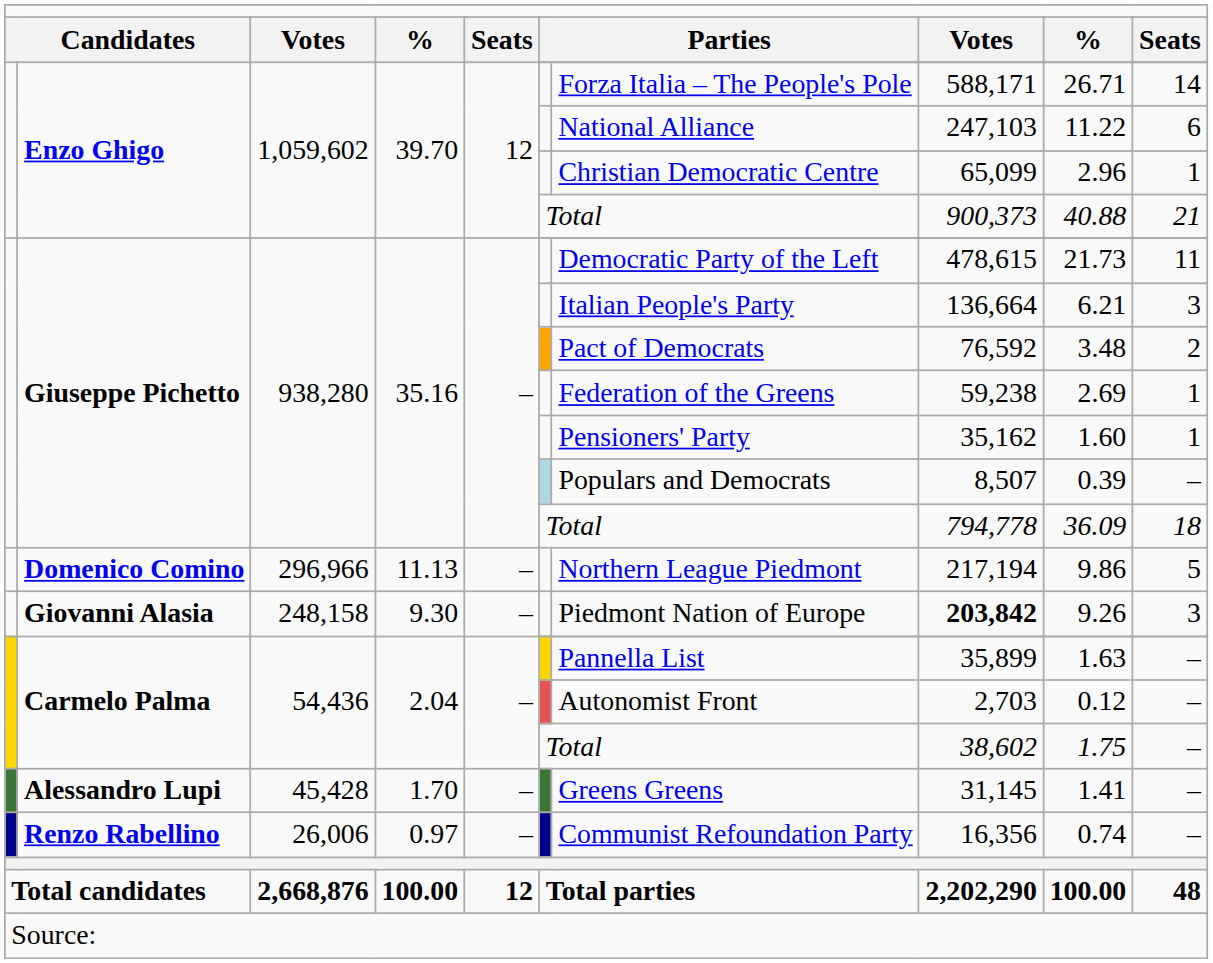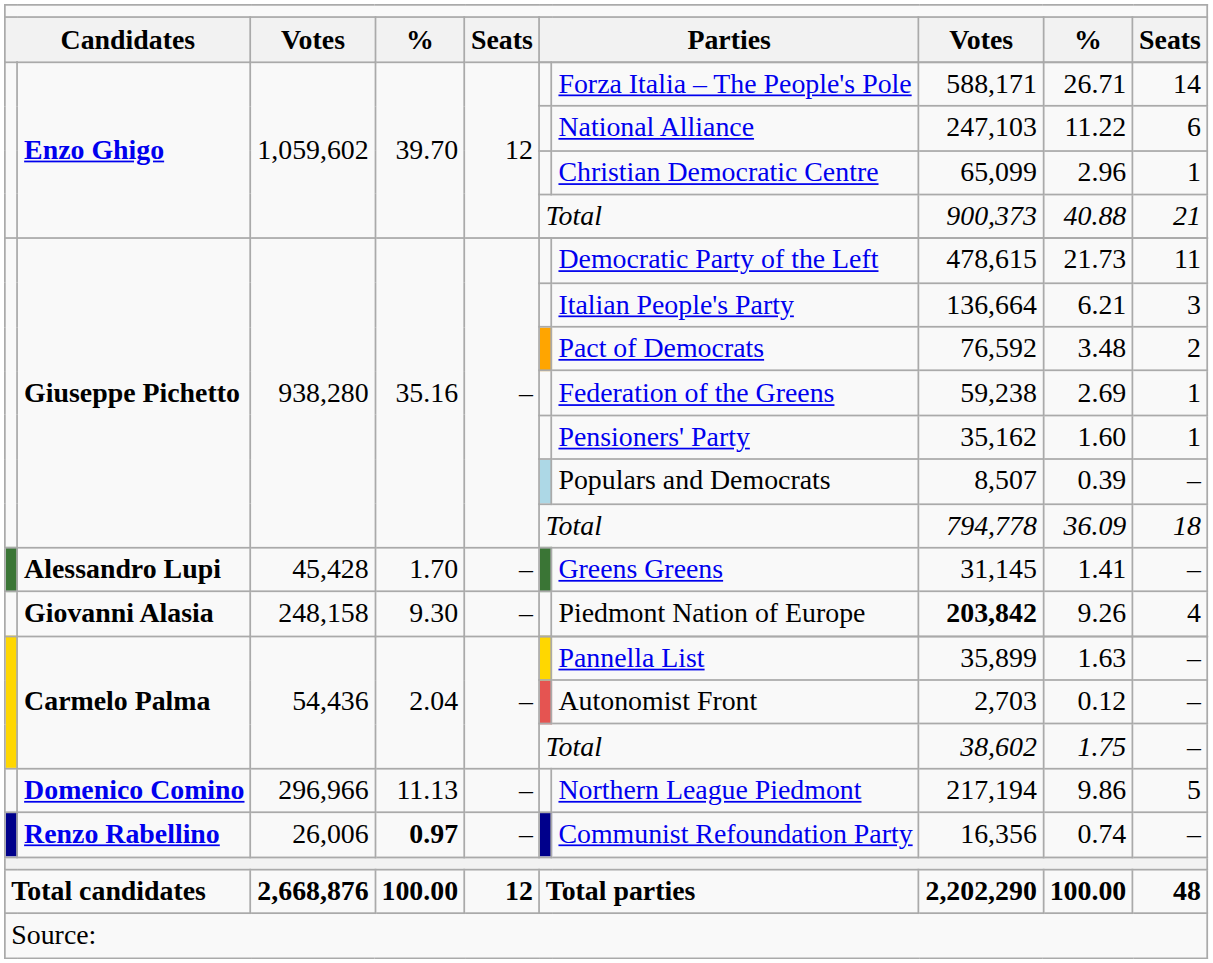 <table class="wikitable">
 <tr>
 <td colspan=10></td>
 </tr>
 <tr>
 <th colspan=2>Candidates</th>
 <th>Votes</th>
 <th>%</th>
 <th>Seats</th>
 <th colspan=2>Parties</th>
 <th>Votes</th>
 <th>%</th>
 <th>Seats</th>
 </tr>
 <tr>
 <td rowspan=5></td>
 <td rowspan=5><strong><a href='#'>Enzo Ghigo</a></strong></td>
 <td rowspan=5 align=right>1,059,602</td>
 <td rowspan=5 align=right>39.70</td>
 <td rowspan=5 align=right>12</td>
 </tr>
 <tr>
 <td></td>
 <td><a href='#'>Forza Italia – The People's Pole</a></td>
 <td align=right>588,171</td>
 <td align=right>26.71</td>
 <td align=right>14</td>
 </tr>
 <tr>
 <td></td>
 <td><a href='#'>National Alliance</a></td>
 <td align=right>247,103</td>
 <td align=right>11.22</td>
 <td align=right>6</td>
 </tr>
 <tr>
 <td></td>
 <td><a href='#'>Christian Democratic Centre</a></td>
 <td align=right>65,099</td>
 <td align=right>2.96</td>
 <td align=right>1</td>
 </tr>
 <tr>
 <td colspan=2><em>Total</em></td>
 <td align=right><em>900,373</em></td>
 <td align=right><em>40.88</em></td>
 <td align=right><em>21</em></td>
 </tr>
 <tr>
 <td rowspan=8></td>
 <td rowspan=8><strong>Giuseppe Pichetto</strong></td>
 <td rowspan=8 align=right>938,280</td>
 <td rowspan=8 align=right>35.16</td>
 <td rowspan=8 align=right>–</td>
 </tr>
 <tr>
 <td></td>
 <td><a href='#'>Democratic Party of the Left</a></td>
 <td align=right>478,615</td>
 <td align=right>21.73</td>
 <td align=right>11</td>
 </tr>
 <tr>
 <td></td>
 <td><a href='#'>Italian People's Party</a></td>
 <td align=right>136,664</td>
 <td align=right>6.21</td>
 <td align=right>3</td>
 </tr>
 <tr>
 <td bgcolor="orange"></td>
 <td><a href='#'>Pact of Democrats</a></td>
 <td align=right>76,592</td>
 <td align=right>3.48</td>
 <td align=right>2</td>
 </tr>
 <tr>
 <td></td>
 <td><a href='#'>Federation of the Greens</a></td>
 <td align=right>59,238</td>
 <td align=right>2.69</td>
 <td align=right>1</td>
 </tr>
 <tr>
 <td></td>
 <td><a href='#'>Pensioners' Party</a></td>
 <td align=right>35,162</td>
 <td align=right>1.60</td>
 <td align=right>1</td>
 </tr>
 <tr>
 <td bgcolor="lightblue"></td>
 <td>Populars and Democrats</td>
 <td align=right>8,507</td>
 <td align=right>0.39</td>
 <td align=right>–</td>
 </tr>
 <tr>
 <td colspan=2><em>Total</em></td>
 <td align=right><em>794,778</em></td>
 <td align=right><em>36.09</em></td>
 <td align=right><em>18</em></td>
 </tr>
 <tr>
-<td></td>
-<td><strong><a href='#'>Domenico Comino</a></strong></td>
-<td align=right>296,966</td>
-<td align=right>11.13</td>
+<td bgcolor="#3A7535"></td>
+<td><strong>Alessandro Lupi</strong></td>
+<td align=right>45,428</td>
+<td align=right>1.70</td>
 <td align=right>–</td>
-<td></td>
-<td><a href='#'>Northern League Piedmont</a></td>
-<td align=right>217,194</td>
-<td align=right>9.86</td>
-<td align=right>5</td>
+<td bgcolor="#3A7535"></td>
+<td><a href='#'>Greens Greens</a></td>
+<td align=right>31,145</td>
+<td align=right>1.41</td>
+<td align=right>–</td>
 </tr>
 <tr>
 <td></td>
 <td><strong>Giovanni Alasia</strong></td>
 <td align=right>248,158</td>
 <td align=right>9.30</td>
 <td align=right>–</td>
 <td></td>
 <td>Piedmont Nation of Europe</td>
 <td align=right><strong>203,842</strong></td>
 <td align=right>9.26</td>
-<td align=right>3</td>
+<td align=right>4</td>
 </tr>
 <tr>
 <td rowspan=4 bgcolor="gold"></td>
 <td rowspan=4><strong>Carmelo Palma</strong></td>
 <td rowspan=4 align=right>54,436</td>
 <td rowspan=4 align=right>2.04</td>
 <td rowspan=4 align=right>–</td>
 </tr>
 <tr>
 <td bgcolor="gold"></td>
 <td><a href='#'>Pannella List</a></td>
 <td align=right>35,899</td>
 <td align=right>1.63</td>
 <td align=right>–</td>
 </tr>
 <tr>
 <td bgcolor="#E55451"></td>
 <td>Autonomist Front</td>
 <td align=right>2,703</td>
 <td align=right>0.12</td>
 <td align=right>–</td>
 </tr>
 <tr>
 <td colspan=2><em>Total</em></td>
 <td align=right><em>38,602</em></td>
 <td align=right><em>1.75</em></td>
 <td align=right><em>–</em></td>
 </tr>
 <tr>
-<td bgcolor="#3A7535"></td>
-<td><strong>Alessandro Lupi</strong></td>
-<td align=right>45,428</td>
-<td align=right>1.70</td>
+<td></td>
+<td><strong><a href='#'>Domenico Comino</a></strong></td>
+<td align=right>296,966</td>
+<td align=right>11.13</td>
 <td align=right>–</td>
-<td bgcolor="#3A7535"></td>
-<td><a href='#'>Greens Greens</a></td>
-<td align=right>31,145</td>
-<td align=right>1.41</td>
-<td align=right>–</td>
+<td></td>
+<td><a href='#'>Northern League Piedmont</a></td>
+<td align=right>217,194</td>
+<td align=right>9.86</td>
+<td align=right>5</td>
 </tr>
 <tr>
 <td bgcolor="darkblue"></td>
 <td><strong><a href='#'>Renzo Rabellino</a></strong></td>
 <td align=right>26,006</td>
-<td align=right>0.97</td>
+<td align=right><strong>0.97</strong></td>
 <td align=right>–</td>
 <td bgcolor="darkblue"></td>
 <td><a href='#'>Communist Refoundation Party</a></td>
 <td align=right>16,356</td>
 <td align=right>0.74</td>
 <td align=right>–</td>
 </tr>
 <tr>
 <th colspan=10></th>
 </tr>
 <tr>
 <td colspan=2><strong>Total candidates</strong></td>
 <td align=right><strong>2,668,876</strong></td>
 <td align=right><strong>100.00</strong></td>
 <td align=right><strong>12</strong></td>
 <td colspan=2><strong>Total parties</strong></td>
 <td align=right><strong>2,202,290</strong></td>
 <td align=right><strong>100.00</strong></td>
 <td align=right><strong>48</strong></td>
 </tr>
 <tr>
 <td colspan=10>Source: </td>
 </tr>
 </table>
